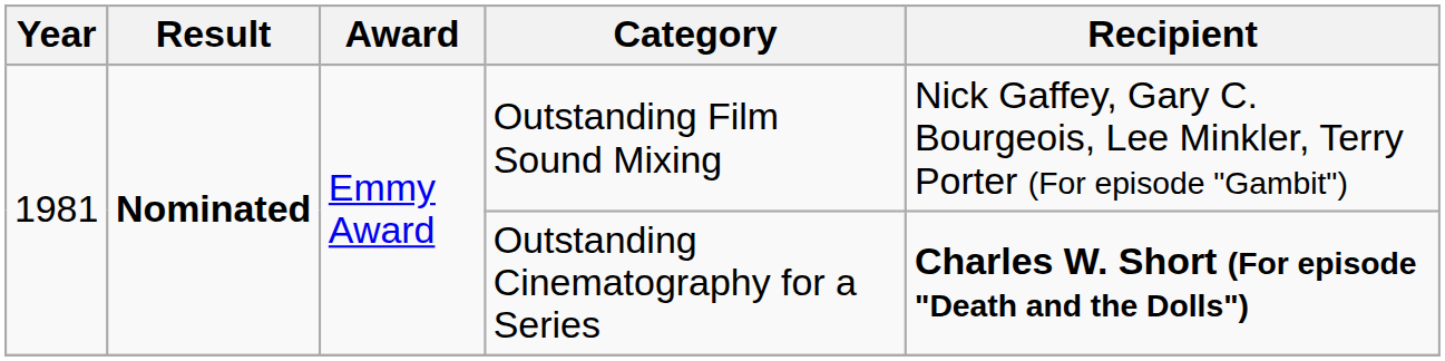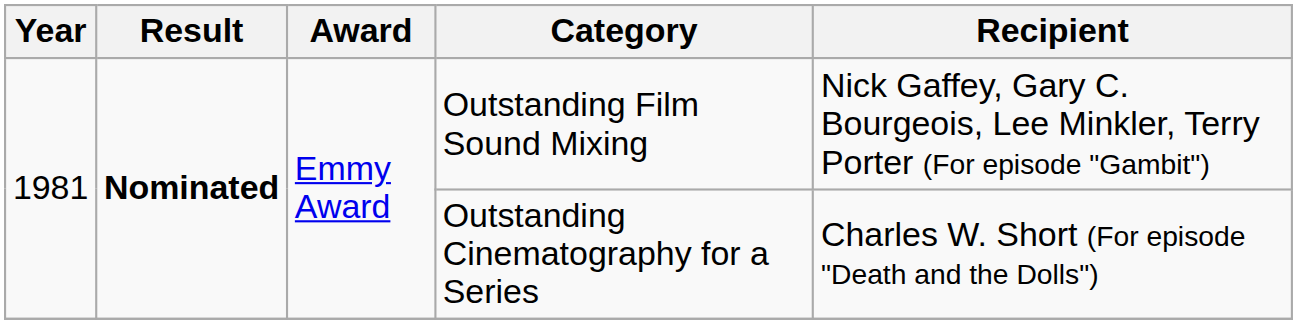 <table class="wikitable">
 <tr>
 <th>Year</th>
 <th>Result</th>
 <th>Award</th>
 <th>Category</th>
 <th>Recipient</th>
 </tr>
 <tr>
 <td rowspan=2>1981</td>
 <td rowspan=2><strong>Nominated</strong></td>
 <td rowspan=2><a href='#'>Emmy Award</a></td>
 <td>Outstanding Film Sound Mixing</td>
 <td>Nick Gaffey, Gary C. Bourgeois, Lee Minkler, Terry Porter <small>(For episode "Gambit")</small></td>
 </tr>
 <tr>
 <td>Outstanding Cinematography for a Series</td>
-<td><strong>Charles W. Short <small>(For episode "Death and the Dolls")</small></strong></td>
+<td>Charles W. Short <small>(For episode "Death and the Dolls")</small></td>
 </tr>
 <tr>
 </tr>
 </table>
